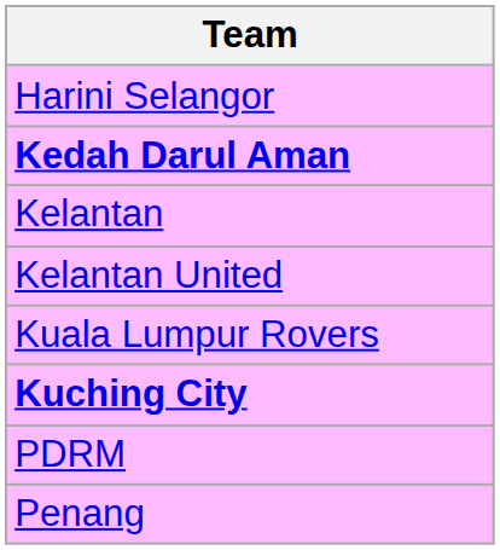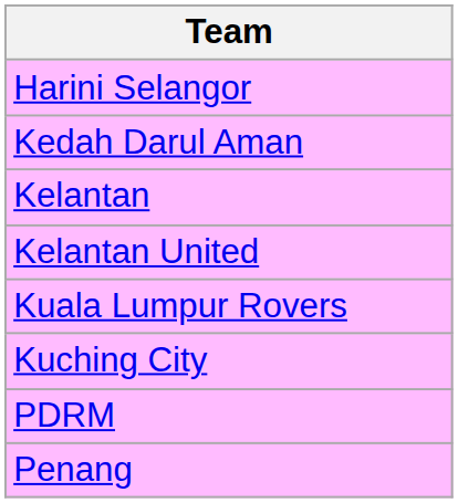 <table class="wikitable">
 <tr>
 <th width=200>Team</th>
 </tr>
 <tr bgcolor=#FFBBFF>
 <td><a href='#'>Harini Selangor</a></td>
 </tr>
 <tr bgcolor=#FFBBFF>
-<td><strong><a href='#'>Kedah Darul Aman</a></strong></td>
+<td><a href='#'>Kedah Darul Aman</a></td>
 </tr>
 <tr bgcolor=#FFBBFF>
 <td><a href='#'>Kelantan</a></td>
 </tr>
 <tr bgcolor=#FFBBFF>
 <td><a href='#'>Kelantan United</a></td>
 </tr>
 <tr bgcolor=#FFBBFF>
 <td><a href='#'>Kuala Lumpur Rovers</a></td>
 </tr>
 <tr bgcolor=#FFBBFF>
-<td><strong><a href='#'>Kuching City</a></strong></td>
+<td><a href='#'>Kuching City</a></td>
 </tr>
 <tr bgcolor=#FFBBFF>
 <td><a href='#'>PDRM</a></td>
 </tr>
 <tr bgcolor=#FFBBFF>
 <td><a href='#'>Penang</a></td>
 </tr>
 </table>
